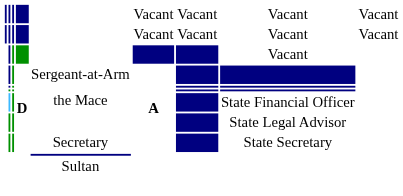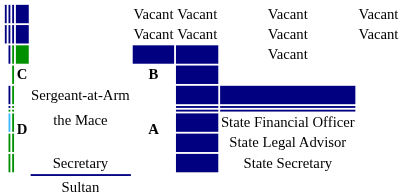 <table style="font-size:100%; text-align:center;">
 <tr>
 <td style="background-color:#000080;"></td>
 <td style="background-color:#000080;"></td>
 <td style="background-color:#000080;"></td>
 <td style="background-color:#000080;"></td>
 <td></td>
 <td>Vacant</td>
 <td>Vacant</td>
 <td>Vacant</td>
 <td>Vacant</td>
 </tr>
 <tr>
 <td style="background-color:#000080;"></td>
 <td style="background-color:#000080;"></td>
 <td style="background-color:#000080;"></td>
 <td style="background-color:#000080;"></td>
 <td></td>
 <td>Vacant</td>
 <td>Vacant</td>
 <td>Vacant</td>
 <td>Vacant</td>
 </tr>
 <tr>
 <td></td>
 <td style="background-color:#000080;"></td>
 <td style="background-color:#009000;"></td>
 <td style="background-color:#009000;"></td>
 <td></td>
 <td style="background-color:#000080;"></td>
 <td style="background-color:#000080;"></td>
 <td>Vacant</td>
+<td></td>
+</tr>
+<tr>
+<td></td>
+<td></td>
+<td style="background-color:#009000;"></td>
+<td><strong>C</strong></td>
+<td></td>
+<td><strong>B</strong></td>
+<td style="background-color:#000080;"></td>
+<td></td>
 <td></td>
 </tr>
 <tr>
 <td></td>
 <td style="background-color:#000080;"></td>
 <td style="background-color:#009000;"></td>
 <td rowspan=6><strong>D</strong></td>
 <td>Sergeant-at-Arm</td>
 <td rowspan=6><strong>A</strong></td>
 <td style="background-color:#000080;"></td>
 <td style="background-color:#000080;"></td>
 <td></td>
 </tr>
 <tr>
 <td></td>
 <td style="background-color:#000080;"></td>
 <td style="background-color:#009000;"></td>
 <td></td>
 <td style="background-color:#000080;"></td>
 <td style="background-color:#000080;"></td>
 <td></td>
 </tr>
 <tr>
 <td></td>
 <td style="background-color:#009000;"></td>
 <td style="background-color:#009000;"></td>
 <td rowspan=2>the Mace</td>
 <td style="background-color:#000080;"></td>
 <td style="background-color:#000080;"></td>
 <td></td>
 </tr>
 <tr>
 <td></td>
 <td bgcolor=#3BB9FF></td>
 <td style="background-color:#009000;"></td>
 <td bgcolor=#000080></td>
 <td>State Financial Officer</td>
 <td></td>
 </tr>
 <tr>
 <td></td>
 <td style="background-color:#009000;"></td>
 <td style="background-color:#009000;"></td>
 <td></td>
 <td style="background-color:#000080;"></td>
 <td>State Legal Advisor</td>
 <td></td>
 </tr>
 <tr>
 <td></td>
 <td style="background-color:#009000;"></td>
 <td style="background-color:#009000;"></td>
 <td>Secretary</td>
 <td style="background-color:#000080;"></td>
 <td>State Secretary</td>
 <td></td>
 </tr>
 <tr>
 <td></td>
 <td></td>
 <td></td>
 <td></td>
 <td bgcolor=#000080></td>
 <td></td>
 <td></td>
 <td></td>
 <td></td>
 </tr>
 <tr>
 <td></td>
 <td></td>
 <td></td>
 <td></td>
 <td>Sultan</td>
 <td></td>
 <td></td>
 <td></td>
 <td></td>
 </tr>
 </table>
